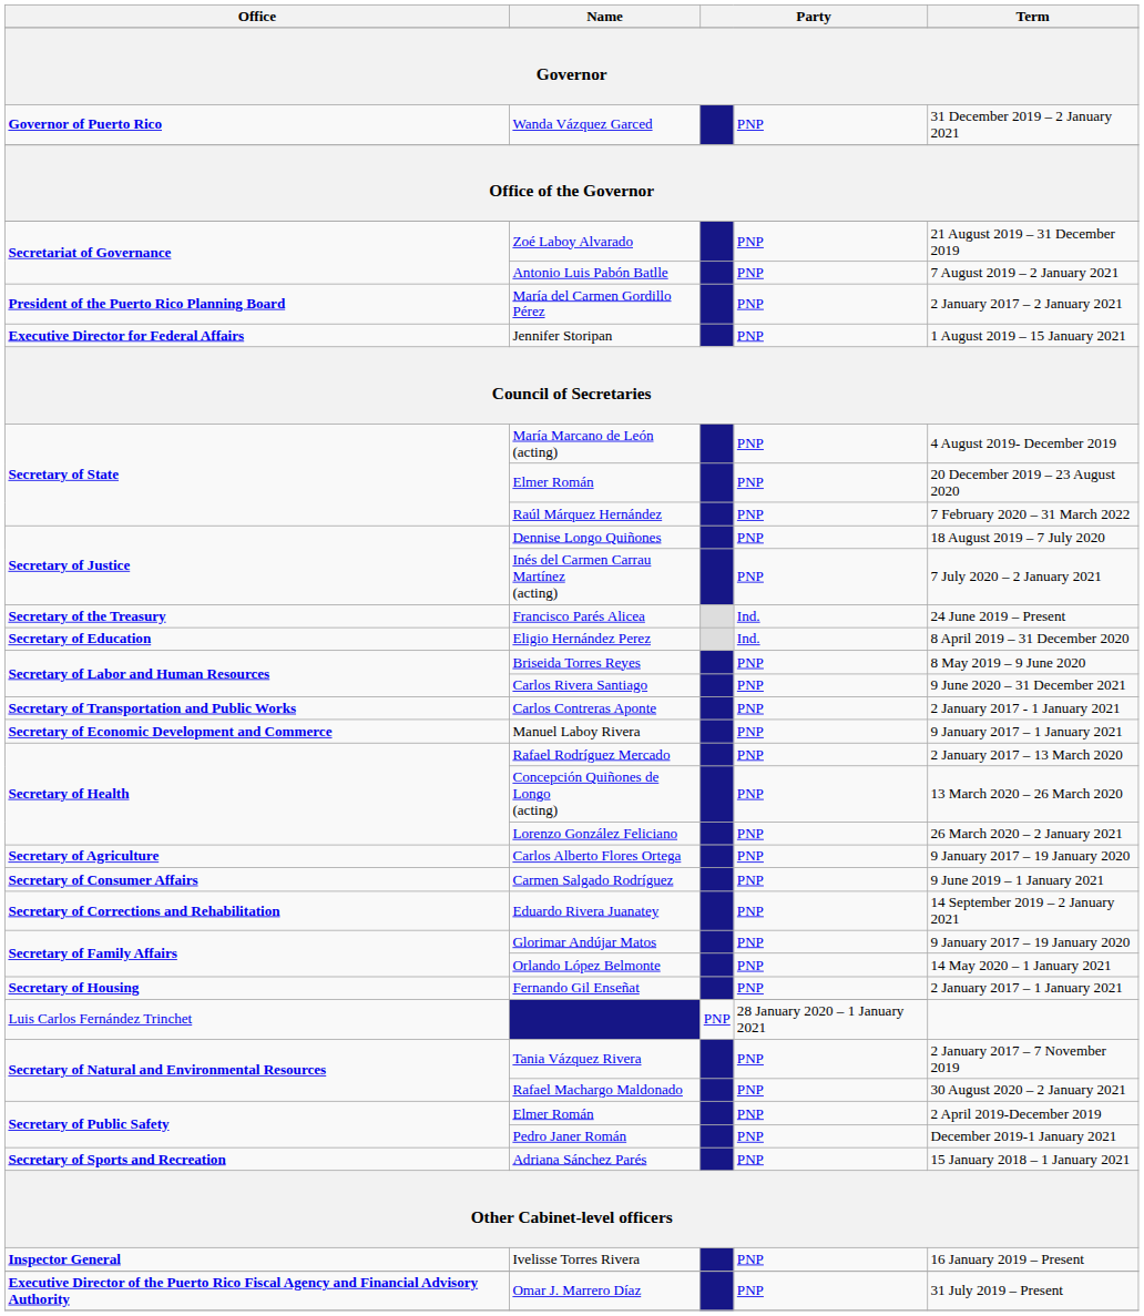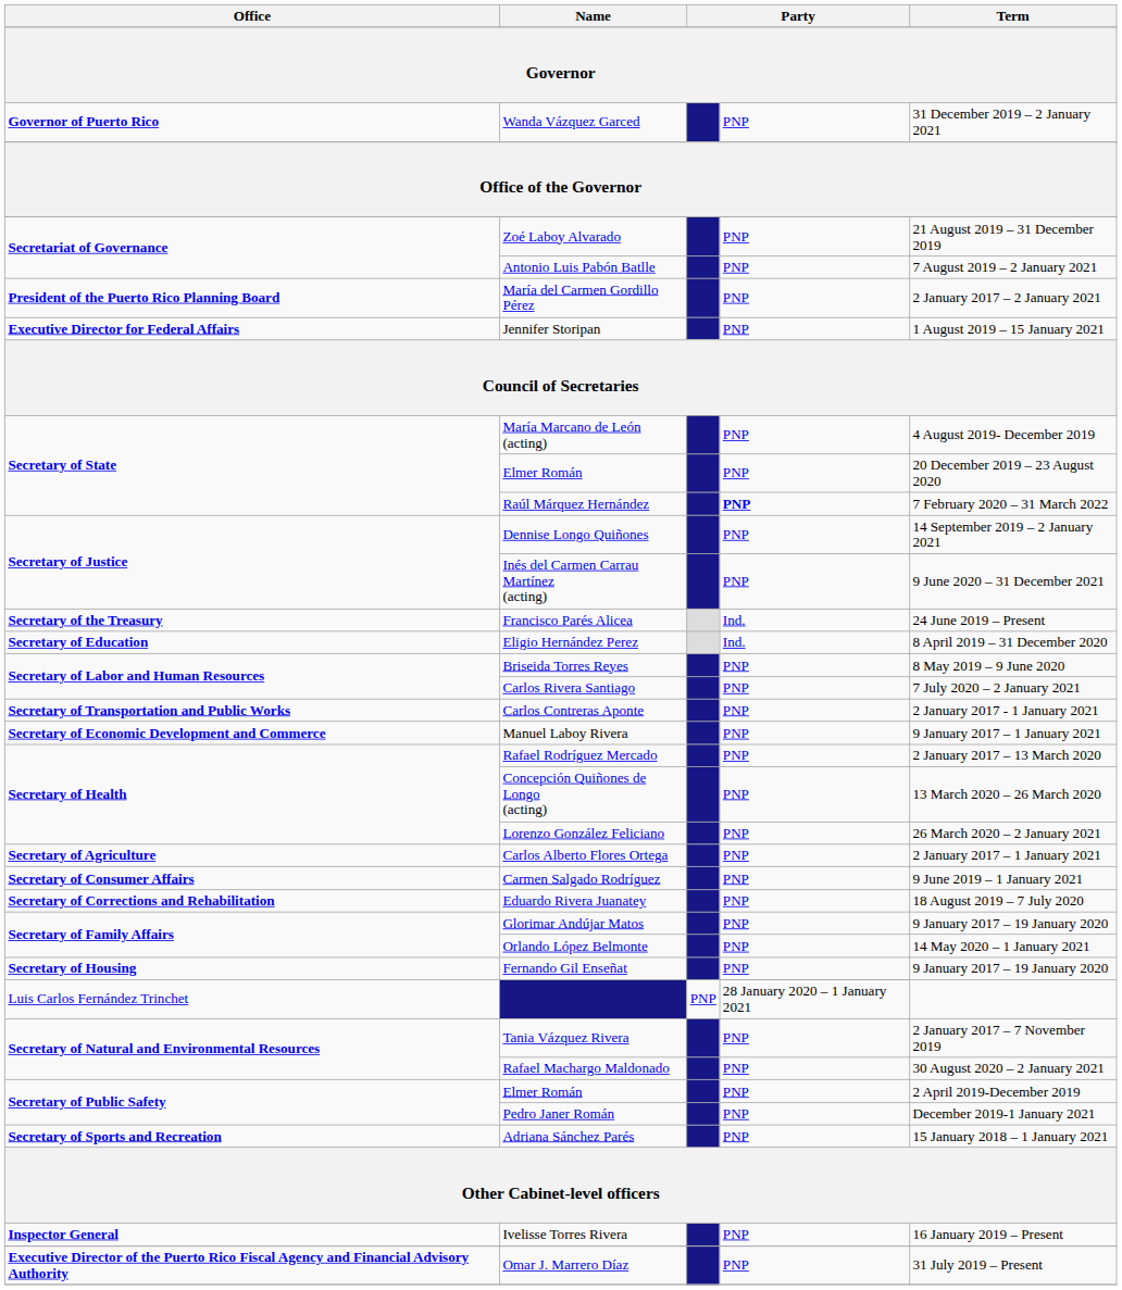 <table class="wikitable">
 <tr>
 <th>Office</th>
 <th>Name</th>
 <th colspan="2">Party</th>
 <th>Term</th>
 </tr>
 <tr>
 </tr>
 <tr>
 <th colspan="9"><br><h3>Governor</h3></th>
 </tr>
 <tr>
 <td rowspan="1"><strong><a href='#'>Governor of Puerto Rico</a></strong><br></td>
 <td><a href='#'>Wanda Vázquez Garced</a></td>
 <td style="background-color:#161686"></td>
 <td><a href='#'>PNP</a></td>
 <td>31 December 2019 – 2 January 2021</td>
 </tr>
 <tr>
 </tr>
 <tr>
 <th colspan="9"><br><h3>Office of the Governor</h3></th>
 </tr>
 <tr>
 </tr>
 <tr>
 <td rowspan="2"><strong><a href='#'>Secretariat of Governance</a></strong><br></td>
 <td><a href='#'>Zoé Laboy Alvarado</a></td>
 <td style="background-color:#161686"></td>
 <td><a href='#'>PNP</a></td>
 <td>21 August 2019 – 31 December 2019</td>
 </tr>
 <tr>
 <td><a href='#'>Antonio Luis Pabón Batlle</a></td>
 <td style="background-color:#161686"></td>
 <td><a href='#'>PNP</a></td>
 <td>7 August 2019 – 2 January 2021</td>
 </tr>
 <tr>
 <td rowspan="1"><strong><a href='#'>President of the Puerto Rico Planning Board</a></strong><br></td>
 <td><a href='#'>María del Carmen Gordillo Pérez</a></td>
 <td style="background-color:#161686"></td>
 <td><a href='#'>PNP</a></td>
 <td>2 January 2017 – 2 January 2021</td>
 </tr>
 <tr>
 <td rowspan="1"><strong><a href='#'>Executive Director for Federal Affairs</a></strong><br></td>
 <td>Jennifer Storipan </td>
 <td style="background-color:#161686"></td>
 <td><a href='#'>PNP</a></td>
 <td>1 August 2019 – 15 January 2021</td>
 </tr>
 <tr>
 <th colspan="9"><br><h3>Council of Secretaries</h3></th>
 </tr>
 <tr>
 <td rowspan="3"><strong><a href='#'>Secretary of State</a></strong><br></td>
 <td><a href='#'>María Marcano de León</a> <br>(acting) </td>
 <td style="background-color:#161686"></td>
 <td><a href='#'>PNP</a></td>
 <td>4 August 2019- December 2019</td>
 </tr>
 <tr>
 <td><a href='#'>Elmer Román</a></td>
 <td style="background-color:#161686"></td>
 <td><a href='#'>PNP</a></td>
 <td>20 December 2019 – 23 August 2020</td>
 </tr>
 <tr>
 <td><a href='#'>Raúl Márquez Hernández</a></td>
 <td style="background-color:#161686"></td>
-<td><a href='#'>PNP</a></td>
+<td><strong><a href='#'>PNP</a></strong></td>
 <td>7 February 2020 – 31 March 2022</td>
 </tr>
 <tr>
 <td rowspan="2"><strong><a href='#'>Secretary of Justice</a></strong><br></td>
 <td><a href='#'>Dennise Longo Quiñones</a></td>
 <td style="background-color:#161686"></td>
 <td><a href='#'>PNP</a></td>
-<td>18 August 2019 – 7 July 2020</td>
+<td>14 September 2019 – 2 January 2021</td>
 </tr>
 <tr>
 <td><a href='#'>Inés del Carmen Carrau Martínez</a><br>(acting)</td>
 <td style="background-color:#161686"></td>
 <td><a href='#'>PNP</a></td>
-<td>7 July 2020 – 2 January 2021</td>
+<td>9 June 2020 – 31 December  2021</td>
 </tr>
 <tr>
 <td><strong><a href='#'>Secretary of the Treasury</a></strong><br></td>
 <td><a href='#'>Francisco Parés Alicea</a></td>
 <td style="background-color:#DDDDDD"></td>
 <td><a href='#'>Ind.</a></td>
 <td>24 June 2019 – Present</td>
 </tr>
 <tr>
 <td rowspan="1"><strong><a href='#'>Secretary of Education</a></strong><br></td>
 <td><a href='#'>Eligio Hernández Perez</a></td>
 <td style="background-color:#DDDDDD"></td>
 <td><a href='#'>Ind.</a></td>
 <td>8 April  2019 – 31 December 2020</td>
 </tr>
 <tr>
 <td rowspan="2"><strong><a href='#'>Secretary of Labor and Human Resources</a></strong><br></td>
 <td><a href='#'>Briseida Torres Reyes</a></td>
 <td style="background-color:#161686"></td>
 <td><a href='#'>PNP</a></td>
 <td>8 May 2019 – 9 June 2020</td>
 </tr>
 <tr>
 <td><a href='#'>Carlos Rivera Santiago</a></td>
 <td style="background-color:#161686"></td>
 <td><a href='#'>PNP</a></td>
-<td>9 June 2020 – 31 December  2021</td>
+<td>7 July 2020 – 2 January 2021</td>
 </tr>
 <tr>
 <td><strong><a href='#'>Secretary of Transportation and Public Works</a></strong><br></td>
 <td><a href='#'>Carlos Contreras Aponte</a></td>
 <td style="background-color:#161686"></td>
 <td><a href='#'>PNP</a></td>
 <td>2 January 2017 - 1 January 2021</td>
 </tr>
 <tr>
 <td><strong><a href='#'>Secretary of Economic Development and Commerce</a></strong><br></td>
 <td>Manuel Laboy Rivera</td>
 <td style="background-color:#161686"></td>
 <td><a href='#'>PNP</a></td>
 <td>9 January  2017 – 1 January 2021</td>
 </tr>
 <tr>
 <td rowspan="3"><strong><a href='#'>Secretary of Health</a></strong><br></td>
 <td><a href='#'>Rafael Rodríguez Mercado</a></td>
 <td style="background-color:#161686"></td>
 <td><a href='#'>PNP</a></td>
 <td>2 January  2017 – 13 March 2020</td>
 </tr>
 <tr>
 <td><a href='#'>Concepción Quiñones de Longo</a> <br>(acting)</td>
 <td style="background-color:#161686"></td>
 <td><a href='#'>PNP</a></td>
 <td>13 March 2020 – 26 March 2020</td>
 </tr>
 <tr>
 <td><a href='#'>Lorenzo González Feliciano</a></td>
 <td style="background-color:#161686"></td>
 <td><a href='#'>PNP</a></td>
 <td>26 March 2020 – 2 January 2021</td>
 </tr>
 <tr>
 <td><strong><a href='#'>Secretary of Agriculture</a></strong><br></td>
 <td><a href='#'>Carlos Alberto Flores Ortega</a></td>
 <td style="background-color:#161686"></td>
 <td><a href='#'>PNP</a></td>
-<td>9 January  2017 – 19 January 2020</td>
+<td>2 January  2017 – 1 January 2021</td>
 </tr>
 <tr>
 <td><strong><a href='#'>Secretary of Consumer Affairs</a></strong><br></td>
 <td><a href='#'>Carmen Salgado Rodríguez</a></td>
 <td style="background-color:#161686"></td>
 <td><a href='#'>PNP</a></td>
 <td>9 June 2019 – 1 January 2021</td>
 </tr>
 <tr>
 <td><strong><a href='#'>Secretary of Corrections and Rehabilitation</a></strong><br></td>
 <td><a href='#'>Eduardo Rivera Juanatey</a></td>
 <td style="background-color:#161686"></td>
 <td><a href='#'>PNP</a></td>
-<td>14 September 2019 – 2 January 2021</td>
+<td>18 August 2019 – 7 July 2020</td>
 </tr>
 <tr>
 <td rowspan="2"><strong><a href='#'>Secretary of Family Affairs</a></strong><br></td>
 <td><a href='#'>Glorimar Andújar Matos</a></td>
 <td style="background-color:#161686"></td>
 <td><a href='#'>PNP</a></td>
 <td>9 January  2017 – 19 January 2020</td>
 </tr>
 <tr>
 <td><a href='#'>Orlando López Belmonte</a></td>
 <td style="background-color:#161686"></td>
 <td><a href='#'>PNP</a></td>
 <td>14 May  2020 – 1 January 2021</td>
 </tr>
 <tr>
 <td rowspan="2"><strong><a href='#'>Secretary of Housing</a></strong><br></td>
 <td><a href='#'>Fernando Gil Enseñat</a></td>
 <td style="background-color:#161686"></td>
 <td><a href='#'>PNP</a></td>
-<td>2 January  2017 – 1 January 2021</td>
+<td>9 January  2017 – 19 January 2020</td>
 </tr>
 <tr>
 </tr>
 <tr>
 <td><a href='#'>Luis Carlos Fernández Trinchet</a></td>
 <td style="background-color:#161686"></td>
 <td><a href='#'>PNP</a></td>
 <td>28 January  2020 – 1 January 2021</td>
 </tr>
 <tr>
 <td rowspan="2"><strong><a href='#'>Secretary of Natural and Environmental Resources</a></strong><br></td>
 <td><a href='#'>Tania Vázquez Rivera</a></td>
 <td style="background-color:#161686"></td>
 <td><a href='#'>PNP</a></td>
 <td>2 January 2017 – 7 November 2019 </td>
 </tr>
 <tr>
 <td><a href='#'>Rafael Machargo Maldonado</a></td>
 <td style="background-color:#161686"></td>
 <td><a href='#'>PNP</a></td>
 <td>30 August 2020 – 2 January 2021</td>
 </tr>
 <tr>
 <td rowspan="2"><strong><a href='#'>Secretary of Public Safety</a></strong><br></td>
 <td><a href='#'>Elmer Román</a></td>
 <td style="background-color:#161686"></td>
 <td><a href='#'>PNP</a></td>
 <td>2 April 2019-December 2019</td>
 </tr>
 <tr>
 <td><a href='#'>Pedro Janer Román</a></td>
 <td style="background-color:#161686"></td>
 <td><a href='#'>PNP</a></td>
 <td>December 2019-1 January 2021</td>
 </tr>
 <tr>
 <td><strong><a href='#'>Secretary of Sports and Recreation</a></strong><br></td>
 <td><a href='#'>Adriana Sánchez Parés</a></td>
 <td style="background-color:#161686"></td>
 <td><a href='#'>PNP</a></td>
 <td>15 January 2018 – 1 January 2021</td>
 </tr>
 <tr>
 <th colspan="9"><br><h3>Other Cabinet-level officers</h3></th>
 </tr>
 <tr>
 <td><strong><a href='#'>Inspector General</a></strong><br></td>
 <td>Ivelisse Torres Rivera</td>
 <td style="background-color:#161686"></td>
 <td><a href='#'>PNP</a></td>
 <td>16 January 2019 – Present</td>
 </tr>
 <tr>
 </tr>
 <tr>
 <td><strong><a href='#'>Executive Director of the Puerto Rico Fiscal Agency and Financial Advisory Authority</a></strong><br></td>
 <td><a href='#'>Omar J. Marrero Díaz</a></td>
 <td style="background-color:#161686"></td>
 <td><a href='#'>PNP</a></td>
 <td>31 July 2019 – Present</td>
 </tr>
 <tr>
 </tr>
 </table>
